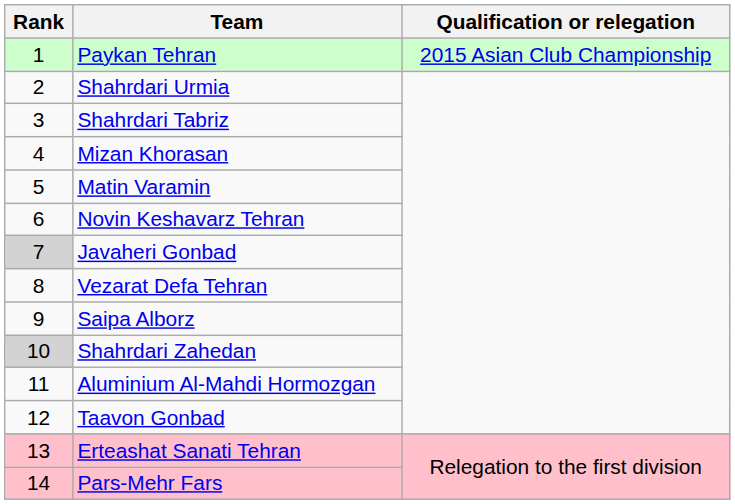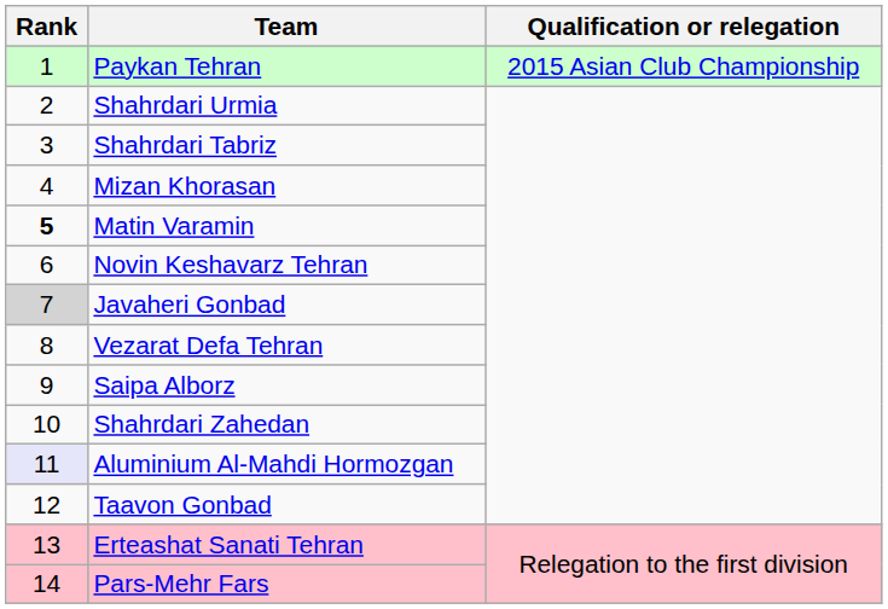 <table class="wikitable" style="text-align:center; font-size:90%">
 <tr>
 <th width=40>Rank</th>
 <th width=220>Team</th>
 <th width=220>Qualification or relegation</th>
 </tr>
 <tr bgcolor=ccffcc>
 <td>1</td>
 <td align="left"><a href='#'>Paykan Tehran</a></td>
 <td><a href='#'>2015 Asian Club Championship</a></td>
 </tr>
 <tr>
 <td>2</td>
 <td align="left"><a href='#'>Shahrdari Urmia</a></td>
 <td rowspan=11></td>
 </tr>
 <tr>
 <td>3</td>
 <td align="left"><a href='#'>Shahrdari Tabriz</a></td>
 </tr>
 <tr>
 <td>4</td>
 <td align="left"><a href='#'>Mizan Khorasan</a></td>
 </tr>
 <tr>
-<td>5</td>
+<td><strong>5</strong></td>
 <td align="left"><a href='#'>Matin Varamin</a></td>
 </tr>
 <tr>
 <td>6</td>
 <td align="left"><a href='#'>Novin Keshavarz Tehran</a></td>
 </tr>
 <tr>
 <td style="background: lightgrey;">7</td>
 <td align="left"><a href='#'>Javaheri Gonbad</a></td>
 </tr>
 <tr>
 <td>8</td>
 <td align="left"><a href='#'>Vezarat Defa Tehran</a></td>
 </tr>
 <tr>
 <td>9</td>
 <td align="left"><a href='#'>Saipa Alborz</a></td>
 </tr>
 <tr>
-<td style="background: lightgrey;">10</td>
+<td>10</td>
 <td align="left"><a href='#'>Shahrdari Zahedan</a></td>
 </tr>
 <tr>
-<td>11</td>
+<td style="background: lavender;">11</td>
 <td align="left"><a href='#'>Aluminium Al-Mahdi Hormozgan</a></td>
 </tr>
 <tr>
 <td>12</td>
 <td align="left"><a href='#'>Taavon Gonbad</a></td>
 </tr>
 <tr bgcolor=pink>
 <td>13</td>
 <td align="left"><a href='#'>Erteashat Sanati Tehran</a></td>
 <td rowspan=2>Relegation to the first division</td>
 </tr>
 <tr bgcolor=pink>
 <td>14</td>
 <td align="left"><a href='#'>Pars-Mehr Fars</a></td>
 </tr>
 </table>
